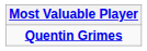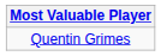 <table class=wikitable style="text-align:center; margin:auto">
 <tr>
 <th><a href='#'>Most Valuable Player</a></th>
 </tr>
 <tr>
-<td><strong> <a href='#'>Quentin Grimes</a></strong></td>
+<td> <a href='#'>Quentin Grimes</a></td>
 </tr>
 </table>
